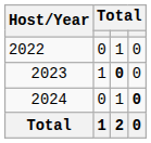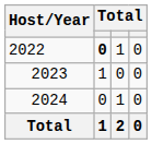 <table class="wikitable" style="font-size:90%; text-align:center;">
 <tr>
 <th rowspan="2">Host/Year</th>
 <th colspan="4;">Total</th>
 </tr>
 <tr>
 <th></th>
 <th></th>
 <th></th>
 </tr>
 <tr>
 <td align="left"> 2022</td>
-<td>0</td>
+<td><strong>0</strong></td>
 <td>1</td>
 <td>0</td>
 </tr>
 <tr>
 <td> 2023</td>
 <td>1</td>
-<td><strong>0</strong></td>
+<td>0</td>
 <td>0</td>
 </tr>
 <tr>
 <td> 2024</td>
 <td>0</td>
 <td>1</td>
-<td><strong>0</strong></td>
+<td>0</td>
 </tr>
 <tr>
 <th>Total</th>
 <th>1</th>
 <th>2</th>
 <th>0</th>
 </tr>
 </table>
